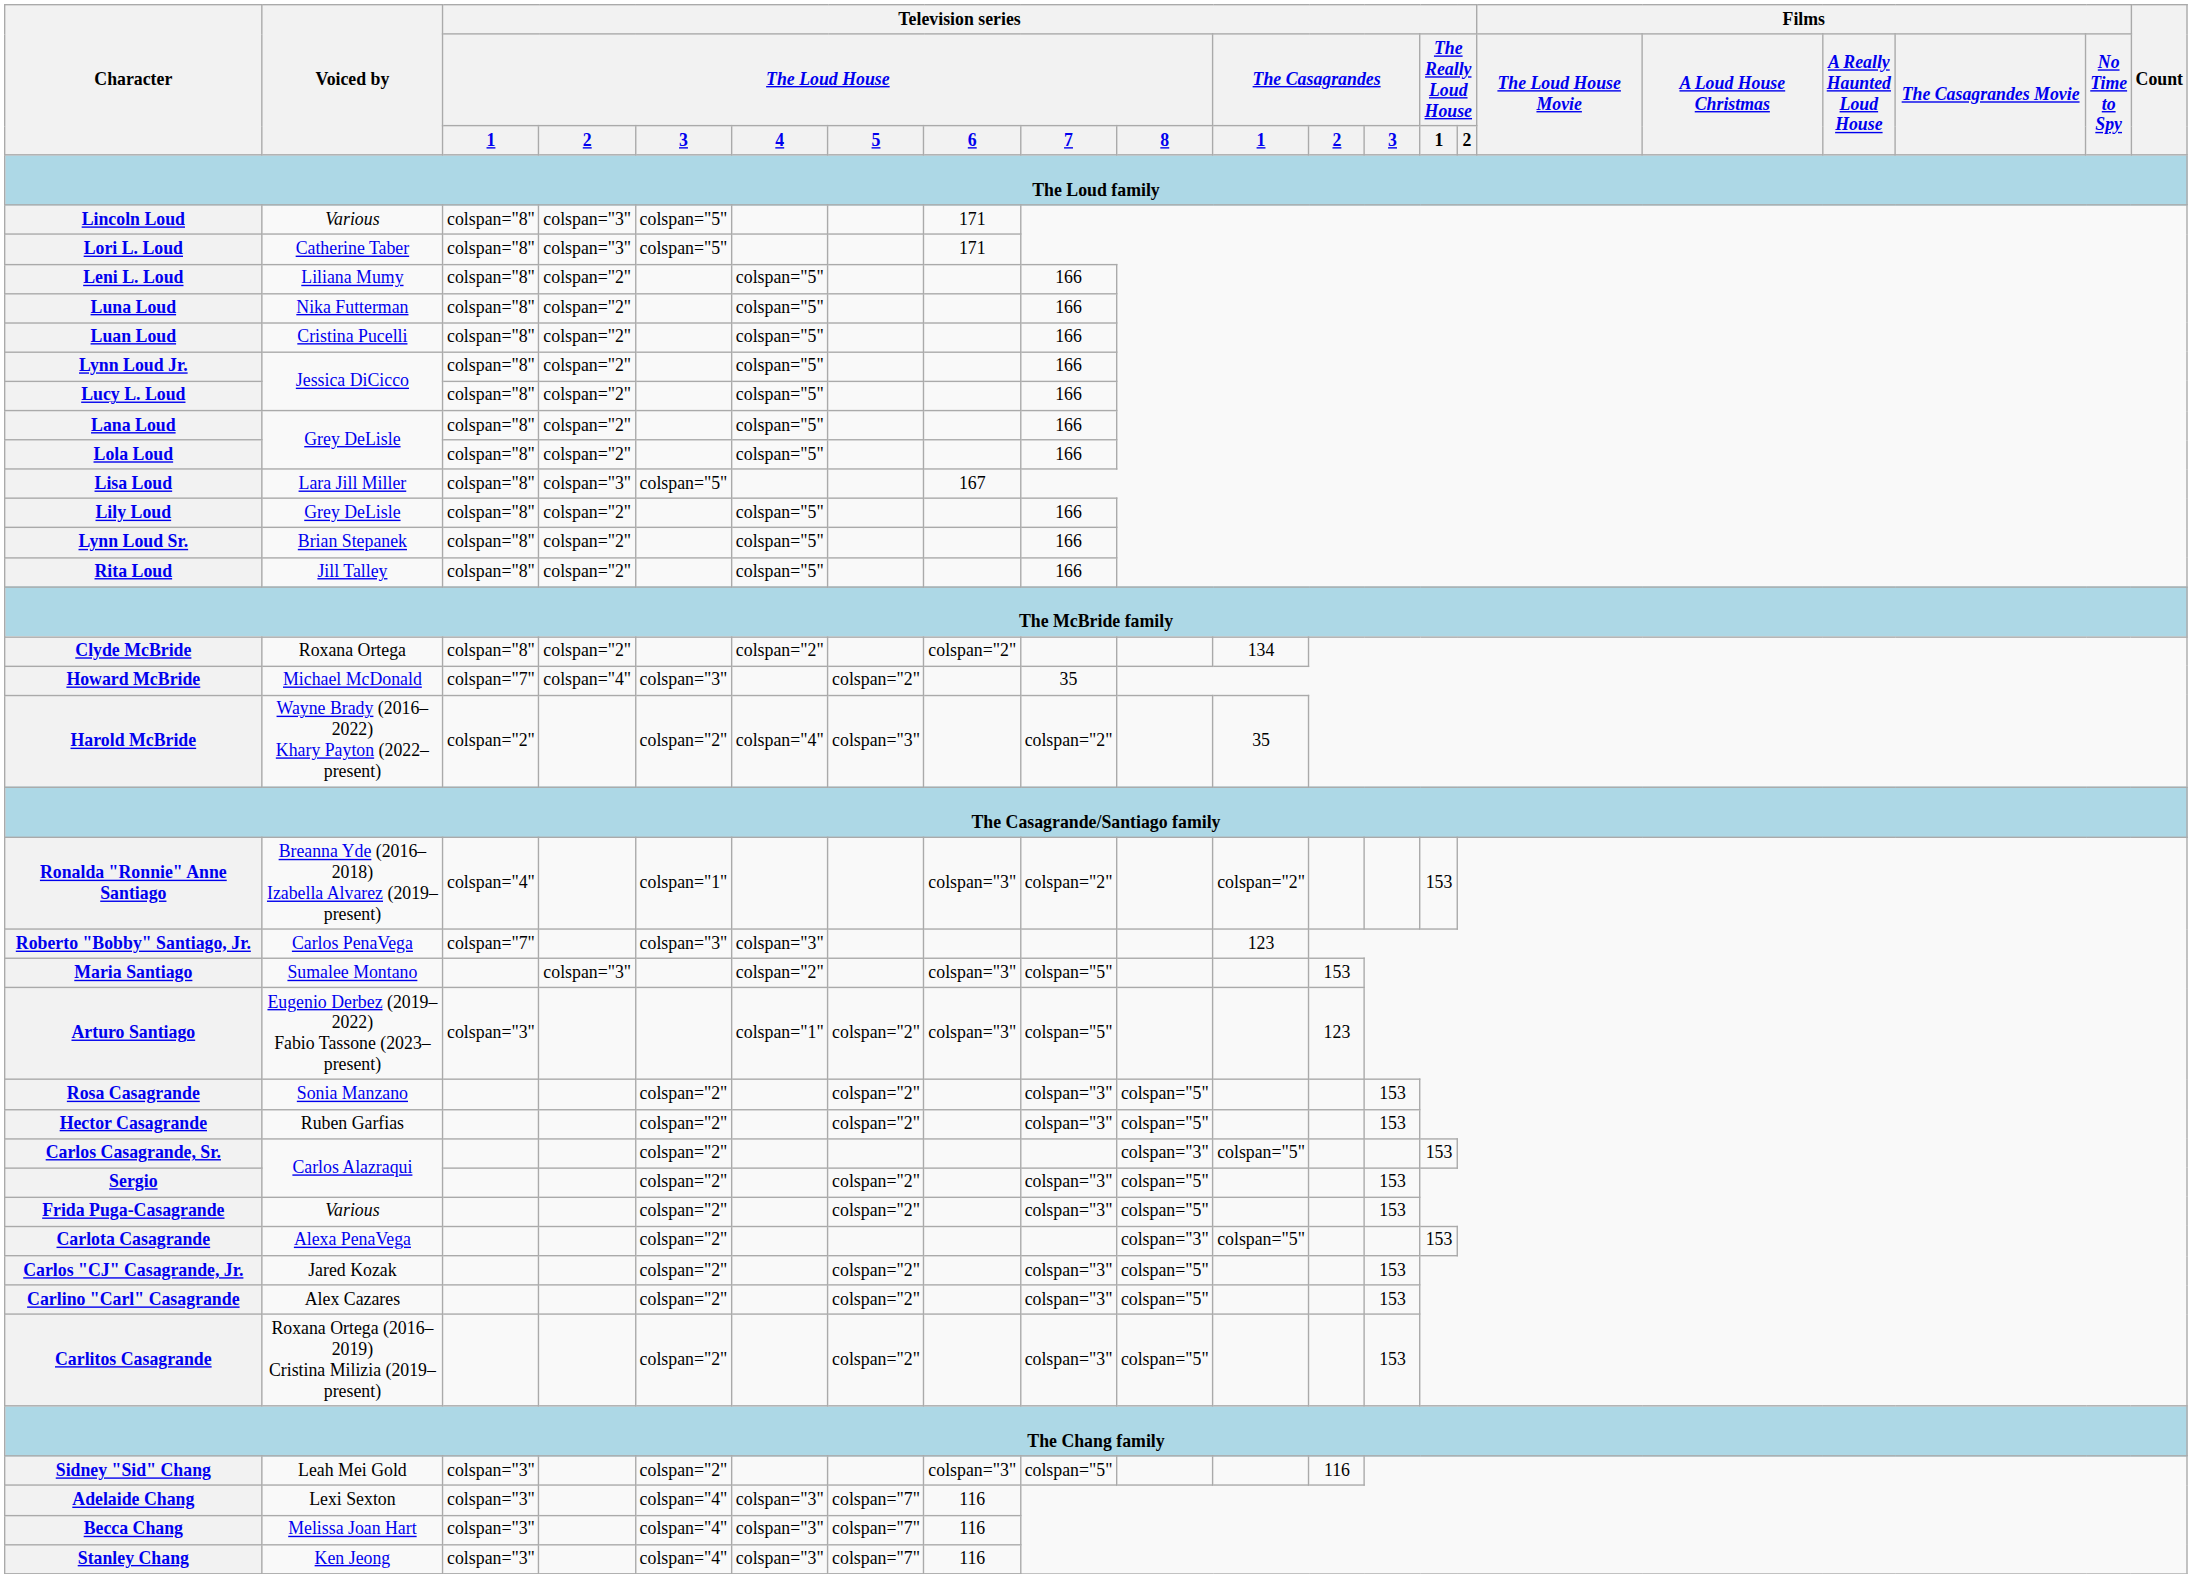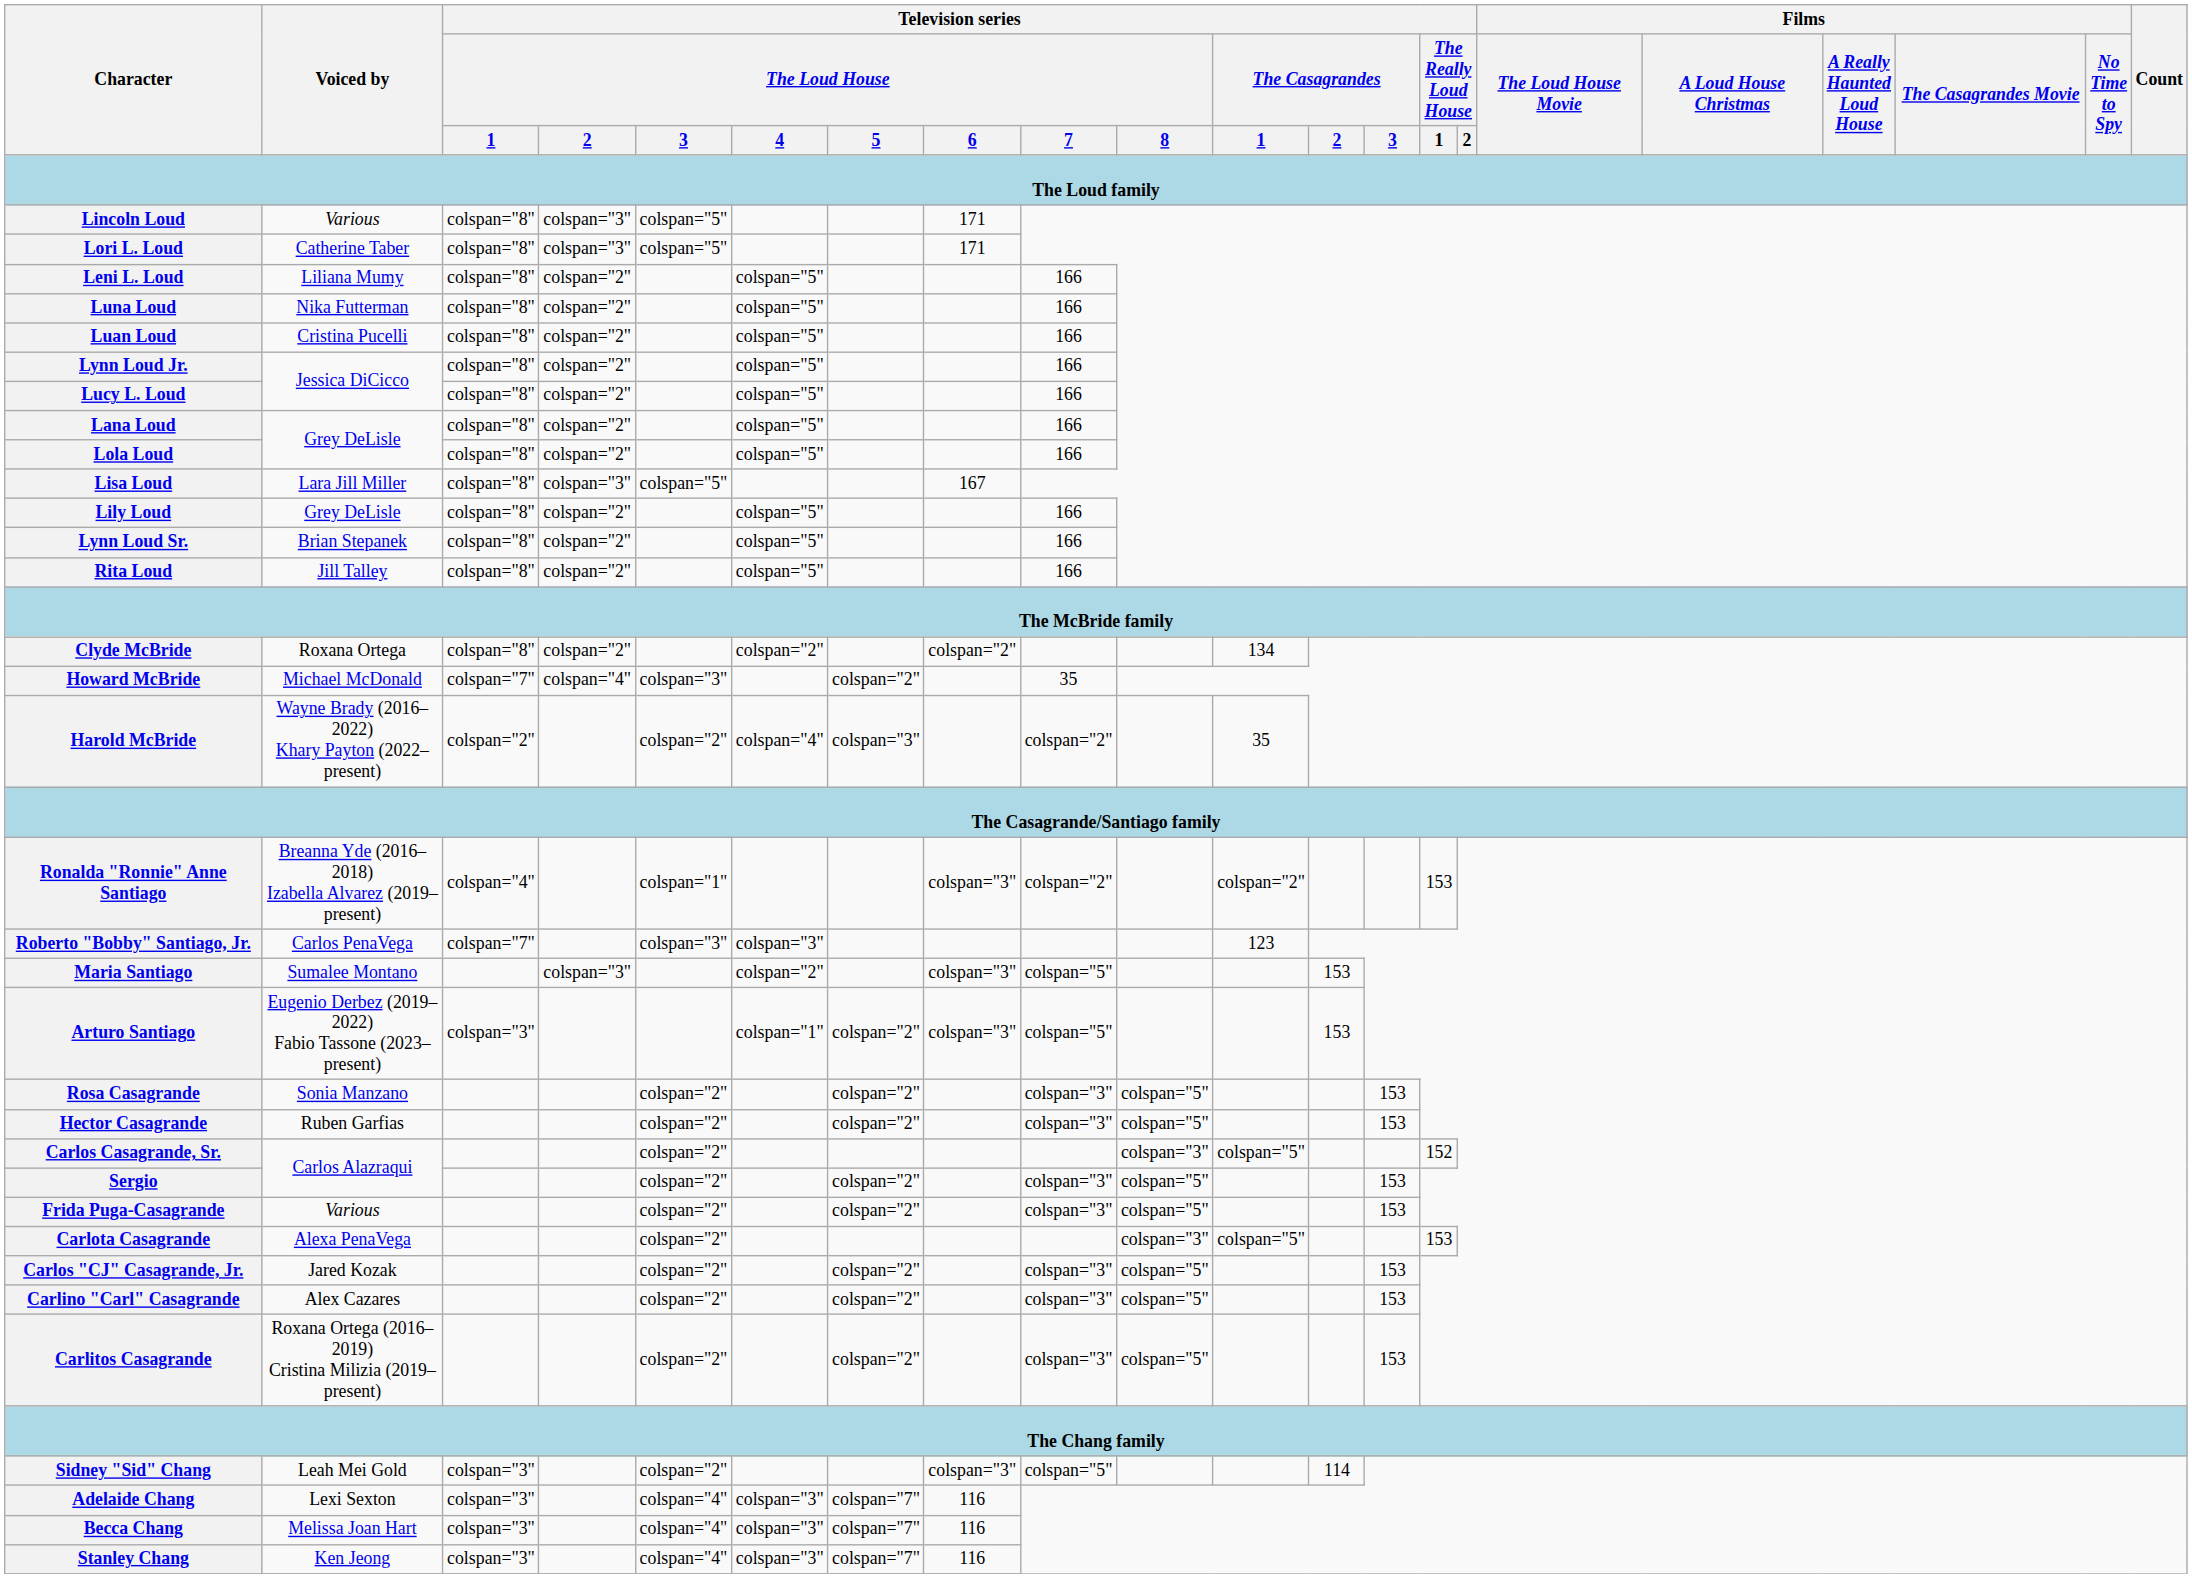 <table class="sortable wikitable" style="text-align:center; font-size:80%"">
 <tr>
 <th rowspan="3" style="width:300px;">Character</th>
 <th rowspan="3" style="width:200px;">Voiced by</th>
 <th colspan="13">Television series</th>
 <th colspan="5">Films</th>
 <th rowspan="3">Count</th>
 </tr>
 <tr>
 <th colspan="8"><em><a href='#'>The Loud House</a></em></th>
 <th colspan="3"><em><a href='#'>The Casagrandes</a></em></th>
 <th colspan="2"><em><a href='#'>The Really Loud House</a></em></th>
 <th rowspan="2" style="width:200px;"><em><a href='#'>The Loud House Movie</a></em></th>
 <th rowspan="2" style="width:200px;"><em><a href='#'>A Loud House Christmas</a></em></th>
 <th rowspan="2"><em><a href='#'>A Really Haunted Loud House</a></em></th>
 <th rowspan="2" style="width:200px;"><em><a href='#'>The Casagrandes Movie</a></em></th>
 <th rowspan="2"><em><a href='#'>No Time to Spy</a></em></th>
 </tr>
 <tr>
 <th style="width:50px;"><a href='#'>1</a></th>
 <th style="width:50px;"><a href='#'>2</a></th>
 <th style="width:50px;"><a href='#'>3</a></th>
 <th style="width:50px;"><a href='#'>4</a></th>
 <th style="width:50px;"><a href='#'>5</a></th>
 <th style="width:50px;"><a href='#'>6</a></th>
 <th style="width:50px;"><a href='#'>7</a></th>
 <th style="width:50px;"><a href='#'>8</a></th>
 <th style="width:50px;"><a href='#'>1</a></th>
 <th style="width:50px;"><a href='#'>2</a></th>
 <th style="width:50px;"><a href='#'>3</a></th>
 <th>1</th>
 <th>2</th>
 </tr>
 <tr>
 <th colspan="21" style="background:lightblue;"><br><strong>The Loud family</strong> </th>
 </tr>
 <tr>
 <th><a href='#'>Lincoln Loud</a></th>
 <td><em>Various</em></td>
 <td>colspan="8" </td>
 <td>colspan="3" </td>
 <td>colspan="5" </td>
 <td></td>
 <td></td>
 <td>171</td>
 </tr>
 <tr>
 <th><a href='#'>Lori L. Loud</a></th>
 <td><a href='#'>Catherine Taber</a></td>
 <td>colspan="8" </td>
 <td>colspan="3" </td>
 <td>colspan="5" </td>
 <td></td>
 <td></td>
 <td>171</td>
 </tr>
 <tr>
 <th><a href='#'>Leni L. Loud</a></th>
 <td><a href='#'>Liliana Mumy</a></td>
 <td>colspan="8" </td>
 <td>colspan="2" </td>
 <td></td>
 <td>colspan="5" </td>
 <td></td>
 <td></td>
 <td>166</td>
 </tr>
 <tr>
 <th><a href='#'>Luna Loud</a></th>
 <td><a href='#'>Nika Futterman</a></td>
 <td>colspan="8" </td>
 <td>colspan="2" </td>
 <td></td>
 <td>colspan="5" </td>
 <td></td>
 <td></td>
 <td>166</td>
 </tr>
 <tr>
 <th><a href='#'>Luan Loud</a></th>
 <td><a href='#'>Cristina Pucelli</a></td>
 <td>colspan="8" </td>
 <td>colspan="2" </td>
 <td></td>
 <td>colspan="5" </td>
 <td></td>
 <td></td>
 <td>166</td>
 </tr>
 <tr>
 <th><a href='#'>Lynn Loud Jr.</a></th>
 <td rowspan="2"><a href='#'>Jessica DiCicco</a></td>
 <td>colspan="8" </td>
 <td>colspan="2" </td>
 <td></td>
 <td>colspan="5" </td>
 <td></td>
 <td></td>
 <td>166</td>
 </tr>
 <tr>
 <th><a href='#'>Lucy L. Loud</a></th>
 <td>colspan="8" </td>
 <td>colspan="2" </td>
 <td></td>
 <td>colspan="5" </td>
 <td></td>
 <td></td>
 <td>166</td>
 </tr>
 <tr>
 <th><a href='#'>Lana Loud</a></th>
 <td rowspan="2"><a href='#'>Grey DeLisle</a></td>
 <td>colspan="8" </td>
 <td>colspan="2" </td>
 <td></td>
 <td>colspan="5" </td>
 <td></td>
 <td></td>
 <td>166</td>
 </tr>
 <tr>
 <th><a href='#'>Lola Loud</a></th>
 <td>colspan="8" </td>
 <td>colspan="2" </td>
 <td></td>
 <td>colspan="5" </td>
 <td></td>
 <td></td>
 <td>166</td>
 </tr>
 <tr>
 <th><a href='#'>Lisa Loud</a></th>
 <td><a href='#'>Lara Jill Miller</a></td>
 <td>colspan="8" </td>
 <td>colspan="3" </td>
 <td>colspan="5" </td>
 <td></td>
 <td></td>
 <td>167</td>
 </tr>
 <tr>
 <th><a href='#'>Lily Loud</a></th>
 <td><a href='#'>Grey DeLisle</a></td>
 <td>colspan="8" </td>
 <td>colspan="2" </td>
 <td></td>
 <td>colspan="5" </td>
 <td></td>
 <td></td>
 <td>166</td>
 </tr>
 <tr>
 <th><a href='#'>Lynn Loud Sr.</a></th>
 <td><a href='#'>Brian Stepanek</a></td>
 <td>colspan="8" </td>
 <td>colspan="2" </td>
 <td></td>
 <td>colspan="5" </td>
 <td></td>
 <td></td>
 <td>166</td>
 </tr>
 <tr>
 <th><a href='#'>Rita Loud</a></th>
 <td><a href='#'>Jill Talley</a></td>
 <td>colspan="8" </td>
 <td>colspan="2" </td>
 <td></td>
 <td>colspan="5" </td>
 <td></td>
 <td></td>
 <td>166</td>
 </tr>
 <tr>
 <th colspan="21" style="background:lightblue;"><br><strong>The McBride family</strong> </th>
 </tr>
 <tr>
 <th><a href='#'>Clyde McBride</a></th>
 <td>Roxana Ortega</td>
 <td>colspan="8" </td>
 <td>colspan="2" </td>
 <td></td>
 <td>colspan="2" </td>
 <td></td>
 <td>colspan="2" </td>
 <td></td>
 <td></td>
 <td>134</td>
 </tr>
 <tr>
 <th><a href='#'>Howard McBride</a></th>
 <td><a href='#'>Michael McDonald</a></td>
 <td>colspan="7" </td>
 <td>colspan="4" </td>
 <td>colspan="3" </td>
 <td></td>
 <td>colspan="2" </td>
 <td></td>
 <td>35</td>
 </tr>
 <tr>
 <th><a href='#'>Harold McBride</a></th>
 <td><a href='#'>Wayne Brady</a> (2016–2022) <br><a href='#'>Khary Payton</a> (2022–present)</td>
 <td>colspan="2" </td>
 <td></td>
 <td>colspan="2" </td>
 <td>colspan="4" </td>
 <td>colspan="3" </td>
 <td></td>
 <td>colspan="2" </td>
 <td></td>
 <td>35</td>
 </tr>
 <tr>
 <th colspan="21" style="background:lightblue;"><br><strong>The Casagrande/Santiago family</strong> </th>
 </tr>
 <tr>
 <th><a href='#'>Ronalda "Ronnie" Anne Santiago</a></th>
 <td><a href='#'>Breanna Yde</a> (2016–2018)<br><a href='#'>Izabella Alvarez</a> (2019–present)</td>
 <td>colspan="4" </td>
 <td></td>
 <td>colspan="1" </td>
 <td></td>
 <td></td>
 <td>colspan="3" </td>
 <td>colspan="2" </td>
 <td></td>
 <td>colspan="2" </td>
 <td></td>
 <td></td>
 <td>153</td>
 </tr>
 <tr>
 <th><a href='#'>Roberto "Bobby" Santiago, Jr.</a></th>
 <td><a href='#'>Carlos PenaVega</a></td>
 <td>colspan="7" </td>
 <td></td>
 <td>colspan="3" </td>
 <td>colspan="3" </td>
 <td></td>
 <td></td>
 <td></td>
 <td></td>
 <td>123</td>
 </tr>
 <tr>
 <th><a href='#'>Maria Santiago</a></th>
 <td><a href='#'>Sumalee Montano</a></td>
 <td></td>
 <td>colspan="3" </td>
 <td></td>
 <td>colspan="2" </td>
 <td></td>
 <td>colspan="3" </td>
 <td>colspan="5" </td>
 <td></td>
 <td></td>
 <td>153</td>
 </tr>
 <tr>
 <th><a href='#'>Arturo Santiago</a></th>
 <td><a href='#'>Eugenio Derbez</a> (2019–2022)<br>Fabio Tassone (2023–present)</td>
 <td>colspan="3" </td>
 <td></td>
 <td></td>
 <td>colspan="1" </td>
 <td>colspan="2" </td>
 <td>colspan="3" </td>
 <td>colspan="5" </td>
 <td></td>
 <td></td>
-<td>123</td>
+<td>153</td>
 </tr>
 <tr>
 <th><a href='#'>Rosa Casagrande</a></th>
 <td><a href='#'>Sonia Manzano</a></td>
 <td></td>
 <td></td>
 <td>colspan="2" </td>
 <td></td>
 <td>colspan="2" </td>
 <td></td>
 <td>colspan="3" </td>
 <td>colspan="5" </td>
 <td></td>
 <td></td>
 <td>153</td>
 </tr>
 <tr>
 <th><a href='#'>Hector Casagrande</a></th>
 <td>Ruben Garfias</td>
 <td></td>
 <td></td>
 <td>colspan="2" </td>
 <td></td>
 <td>colspan="2" </td>
 <td></td>
 <td>colspan="3" </td>
 <td>colspan="5" </td>
 <td></td>
 <td></td>
 <td>153</td>
 </tr>
 <tr>
 <th><a href='#'>Carlos Casagrande, Sr.</a></th>
 <td rowspan="2"><a href='#'>Carlos Alazraqui</a></td>
 <td></td>
 <td></td>
 <td>colspan="2" </td>
 <td></td>
 <td></td>
 <td></td>
 <td></td>
 <td>colspan="3" </td>
 <td>colspan="5" </td>
 <td></td>
 <td></td>
-<td>153</td>
+<td>152</td>
 </tr>
 <tr>
 <th><a href='#'>Sergio</a></th>
 <td></td>
 <td></td>
 <td>colspan="2" </td>
 <td></td>
 <td>colspan="2" </td>
 <td></td>
 <td>colspan="3" </td>
 <td>colspan="5" </td>
 <td></td>
 <td></td>
 <td>153</td>
 </tr>
 <tr>
 <th><a href='#'>Frida Puga-Casagrande</a></th>
 <td><em>Various</em></td>
 <td></td>
 <td></td>
 <td>colspan="2" </td>
 <td></td>
 <td>colspan="2" </td>
 <td></td>
 <td>colspan="3" </td>
 <td>colspan="5" </td>
 <td></td>
 <td></td>
 <td>153</td>
 </tr>
 <tr>
 <th><a href='#'>Carlota Casagrande</a></th>
 <td><a href='#'>Alexa PenaVega</a></td>
 <td></td>
 <td></td>
 <td>colspan="2" </td>
 <td></td>
 <td></td>
 <td></td>
 <td></td>
 <td>colspan="3" </td>
 <td>colspan="5" </td>
 <td></td>
 <td></td>
 <td>153</td>
 </tr>
 <tr>
 <th><a href='#'>Carlos "CJ" Casagrande, Jr.</a></th>
 <td>Jared Kozak</td>
 <td></td>
 <td></td>
 <td>colspan="2" </td>
 <td></td>
 <td>colspan="2" </td>
 <td></td>
 <td>colspan="3" </td>
 <td>colspan="5" </td>
 <td></td>
 <td></td>
 <td>153</td>
 </tr>
 <tr>
 <th><a href='#'>Carlino "Carl" Casagrande</a></th>
 <td>Alex Cazares</td>
 <td></td>
 <td></td>
 <td>colspan="2" </td>
 <td></td>
 <td>colspan="2" </td>
 <td></td>
 <td>colspan="3" </td>
 <td>colspan="5" </td>
 <td></td>
 <td></td>
 <td>153</td>
 </tr>
 <tr>
 <th><a href='#'>Carlitos Casagrande</a></th>
 <td>Roxana Ortega (2016–2019)<br>Cristina Milizia (2019–present)</td>
 <td></td>
 <td></td>
 <td>colspan="2" </td>
 <td></td>
 <td>colspan="2" </td>
 <td></td>
 <td>colspan="3" </td>
 <td>colspan="5" </td>
 <td></td>
 <td></td>
 <td>153</td>
 </tr>
 <tr>
 <th colspan="21" style="background:lightblue;"><br><strong>The Chang family</strong> </th>
 </tr>
 <tr>
 <th><a href='#'>Sidney "Sid" Chang</a></th>
 <td>Leah Mei Gold</td>
 <td>colspan="3" </td>
 <td></td>
 <td>colspan="2" </td>
 <td></td>
 <td></td>
 <td>colspan="3" </td>
 <td>colspan="5" </td>
 <td></td>
 <td></td>
-<td>116</td>
+<td>114</td>
 </tr>
 <tr>
 <th><a href='#'>Adelaide Chang</a></th>
 <td>Lexi Sexton</td>
 <td>colspan="3" </td>
 <td></td>
 <td>colspan="4" </td>
 <td>colspan="3" </td>
 <td>colspan="7" </td>
 <td>116</td>
 </tr>
 <tr>
 <th><a href='#'>Becca Chang</a></th>
 <td><a href='#'>Melissa Joan Hart</a></td>
 <td>colspan="3" </td>
 <td></td>
 <td>colspan="4" </td>
 <td>colspan="3" </td>
 <td>colspan="7" </td>
 <td>116</td>
 </tr>
 <tr>
 <th><a href='#'>Stanley Chang</a></th>
 <td><a href='#'>Ken Jeong</a></td>
 <td>colspan="3" </td>
 <td></td>
 <td>colspan="4" </td>
 <td>colspan="3" </td>
 <td>colspan="7" </td>
 <td>116</td>
 </tr>
 <tr>
 </tr>
 </table>
